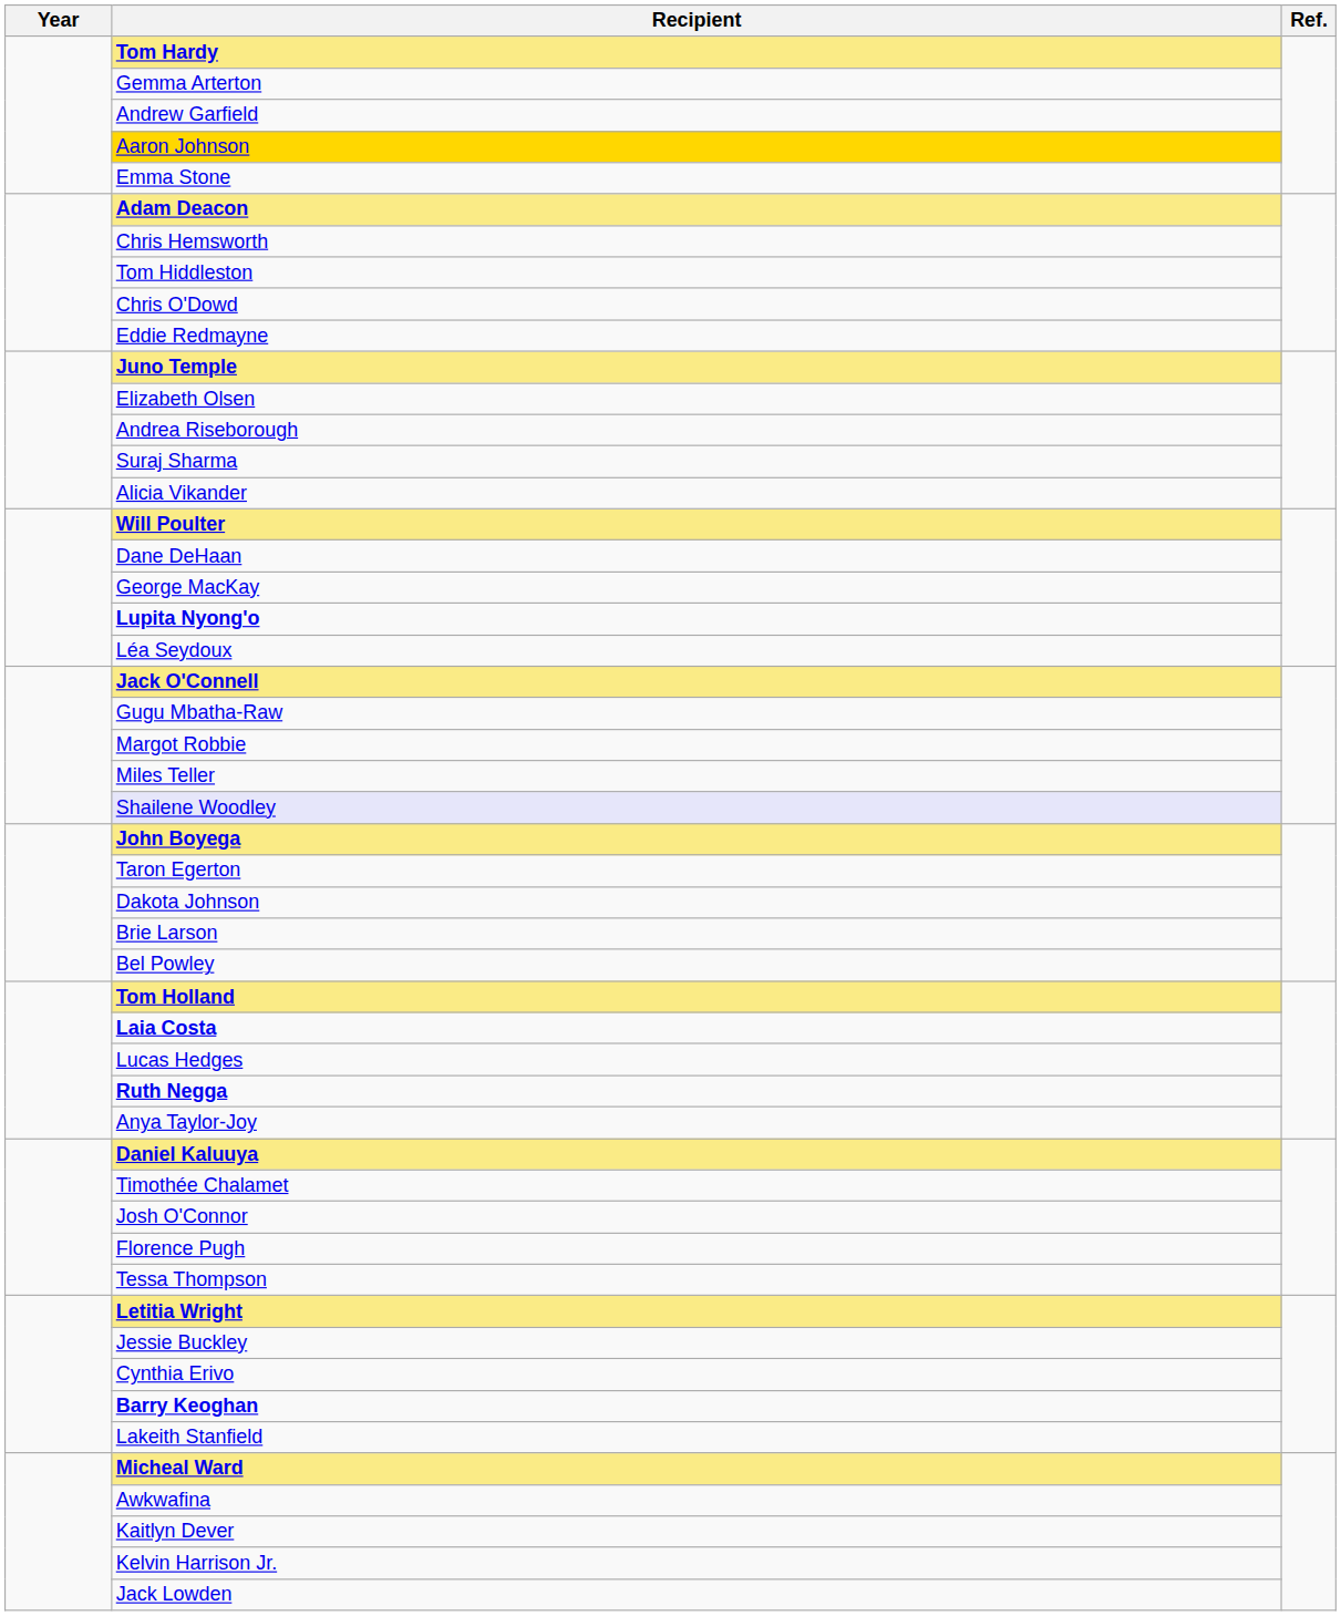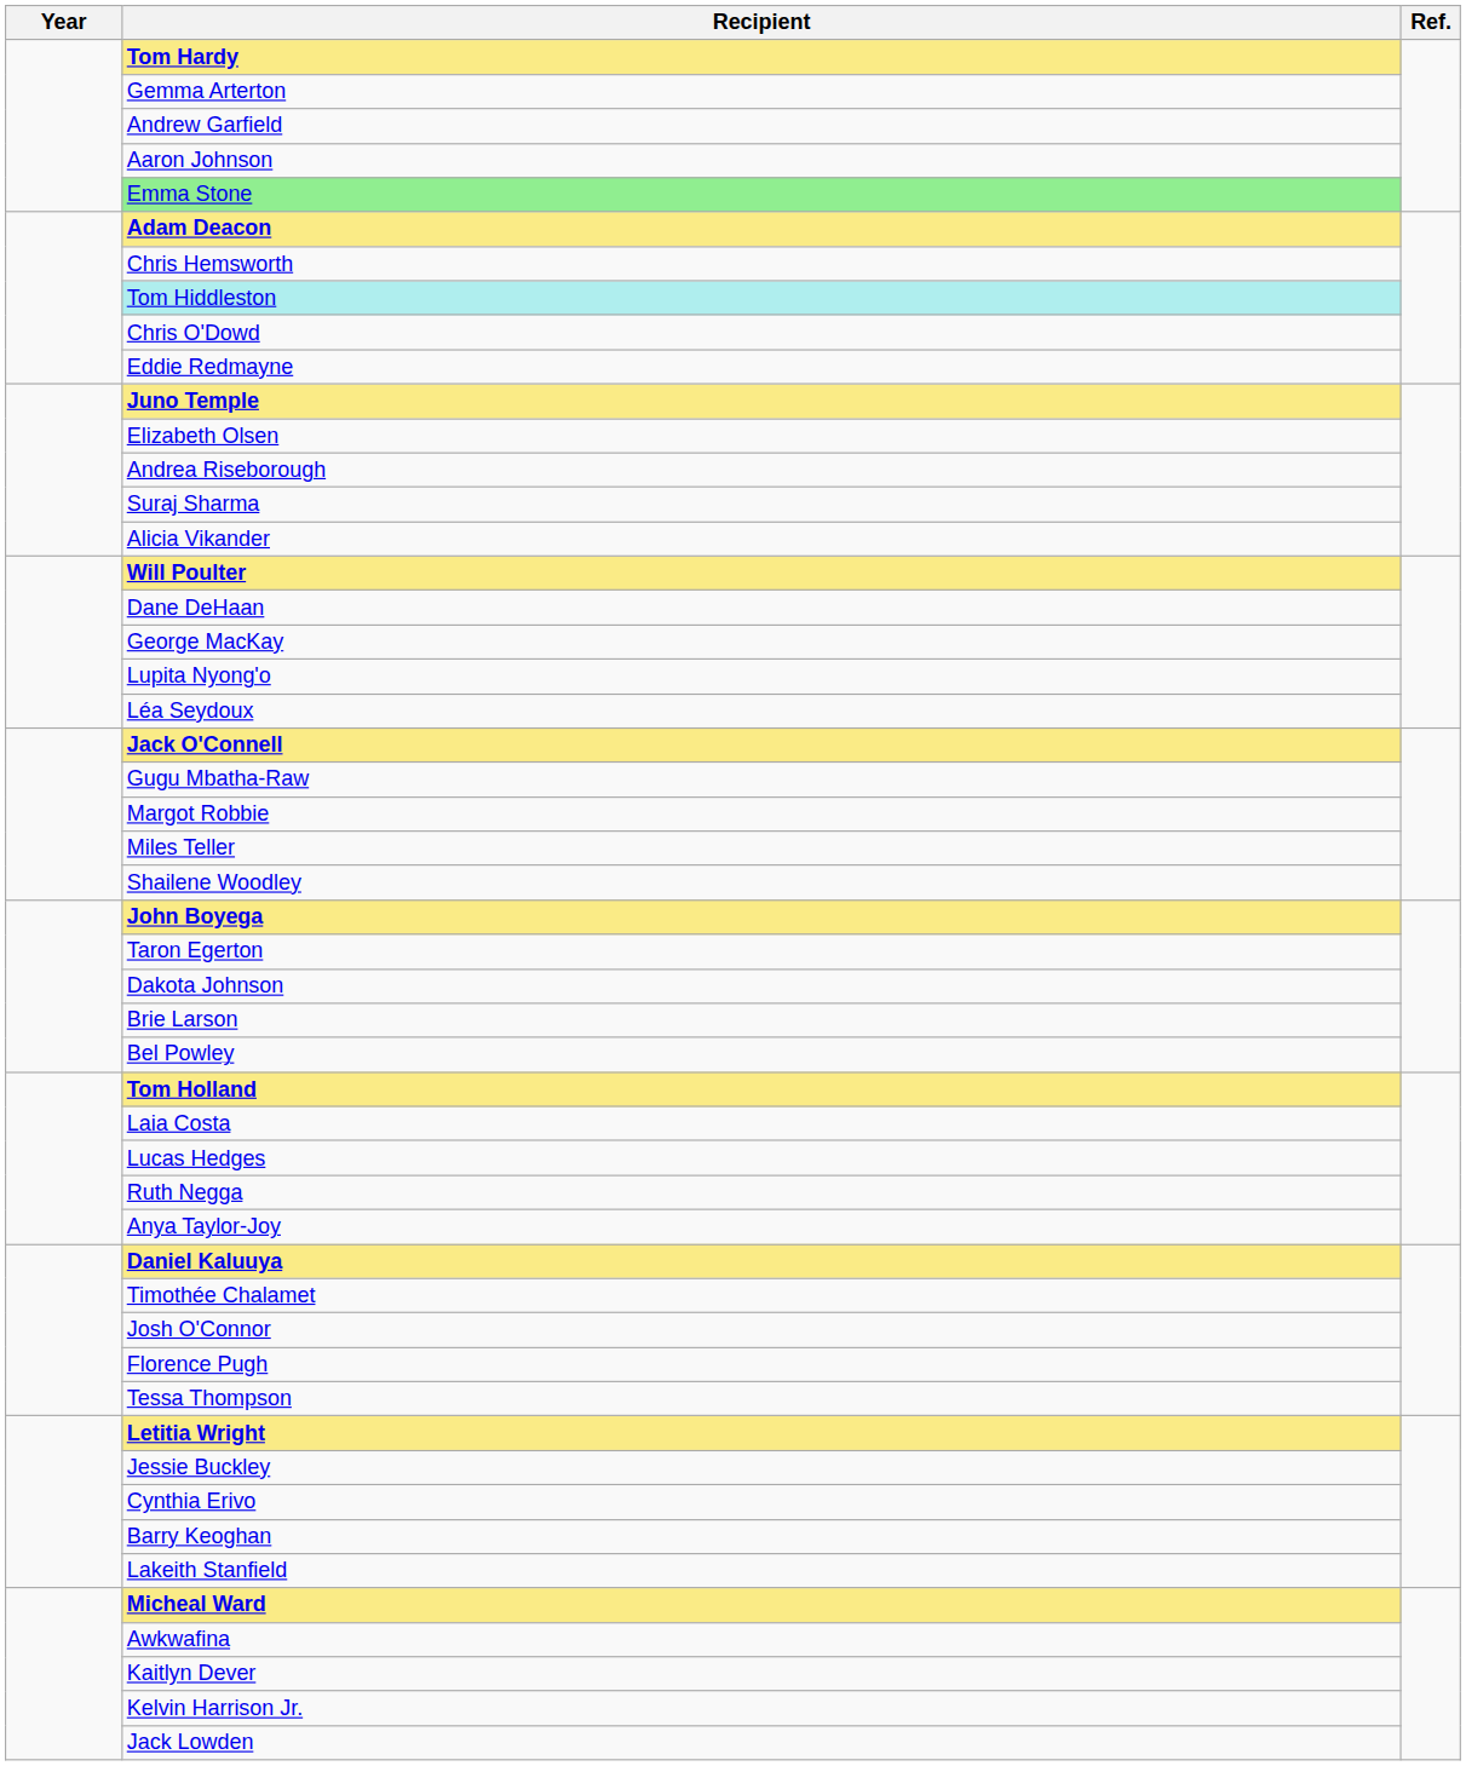 <table class="wikitable" style="width:85%;" cellpadding="5">
 <tr>
 <th style="width:5%;">Year</th>
 <th style="width:55%;">Recipient</th>
 <th style="width:1%">Ref.</th>
 </tr>
 <tr>
 <td rowspan="5"></td>
 <td style="background:#FAEB86"><strong><a href='#'>Tom Hardy</a></strong></td>
 <td rowspan=5, align=center></td>
 </tr>
 <tr>
 <td><a href='#'>Gemma Arterton</a></td>
 </tr>
 <tr>
 <td><a href='#'>Andrew Garfield</a></td>
 </tr>
 <tr>
-<td style="background: gold;"><a href='#'>Aaron Johnson</a></td>
+<td><a href='#'>Aaron Johnson</a></td>
 </tr>
 <tr>
-<td><a href='#'>Emma Stone</a></td>
+<td style="background: lightgreen;"><a href='#'>Emma Stone</a></td>
 </tr>
 <tr>
 <td rowspan="5"></td>
 <td style="background:#FAEB86"><strong><a href='#'>Adam Deacon</a></strong></td>
 <td rowspan=5, align=center></td>
 </tr>
 <tr>
 <td><a href='#'>Chris Hemsworth</a></td>
 </tr>
 <tr>
-<td><a href='#'>Tom Hiddleston</a></td>
+<td style="background: paleturquoise;"><a href='#'>Tom Hiddleston</a></td>
 </tr>
 <tr>
 <td><a href='#'>Chris O'Dowd</a></td>
 </tr>
 <tr>
 <td><a href='#'>Eddie Redmayne</a></td>
 </tr>
 <tr>
 <td rowspan="5"></td>
 <td style="background:#FAEB86"><strong><a href='#'>Juno Temple</a></strong></td>
 <td rowspan=5, align=center></td>
 </tr>
 <tr>
 <td><a href='#'>Elizabeth Olsen</a></td>
 </tr>
 <tr>
 <td><a href='#'>Andrea Riseborough</a></td>
 </tr>
 <tr>
 <td><a href='#'>Suraj Sharma</a></td>
 </tr>
 <tr>
 <td><a href='#'>Alicia Vikander</a></td>
 </tr>
 <tr>
 <td rowspan="5"></td>
 <td style="background:#FAEB86"><strong><a href='#'>Will Poulter</a></strong></td>
 <td rowspan=5, align=center></td>
 </tr>
 <tr>
 <td><a href='#'>Dane DeHaan</a></td>
 </tr>
 <tr>
 <td><a href='#'>George MacKay</a></td>
 </tr>
 <tr>
-<td><strong><a href='#'>Lupita Nyong'o</a></strong></td>
+<td><a href='#'>Lupita Nyong'o</a></td>
 </tr>
 <tr>
 <td><a href='#'>Léa Seydoux</a></td>
 </tr>
 <tr>
 <td rowspan="5"></td>
 <td style="background:#FAEB86"><strong><a href='#'>Jack O'Connell</a></strong></td>
 <td rowspan=5, align=center></td>
 </tr>
 <tr>
 <td><a href='#'>Gugu Mbatha-Raw</a></td>
 </tr>
 <tr>
 <td><a href='#'>Margot Robbie</a></td>
 </tr>
 <tr>
 <td><a href='#'>Miles Teller</a></td>
 </tr>
 <tr>
-<td style="background: lavender;"><a href='#'>Shailene Woodley</a></td>
+<td><a href='#'>Shailene Woodley</a></td>
 </tr>
 <tr>
 <td rowspan="5"></td>
 <td style="background:#FAEB86"><strong><a href='#'>John Boyega</a></strong></td>
 <td rowspan=5, align=center></td>
 </tr>
 <tr>
 <td><a href='#'>Taron Egerton</a></td>
 </tr>
 <tr>
 <td><a href='#'>Dakota Johnson</a></td>
 </tr>
 <tr>
 <td><a href='#'>Brie Larson</a></td>
 </tr>
 <tr>
 <td><a href='#'>Bel Powley</a></td>
 </tr>
 <tr>
 <td rowspan="5"></td>
 <td style="background:#FAEB86"><strong><a href='#'>Tom Holland</a></strong></td>
 <td rowspan=5, align=center></td>
 </tr>
 <tr>
-<td><strong><a href='#'>Laia Costa</a></strong></td>
+<td><a href='#'>Laia Costa</a></td>
 </tr>
 <tr>
 <td><a href='#'>Lucas Hedges</a></td>
 </tr>
 <tr>
-<td><strong><a href='#'>Ruth Negga</a></strong></td>
+<td><a href='#'>Ruth Negga</a></td>
 </tr>
 <tr>
 <td><a href='#'>Anya Taylor-Joy</a></td>
 </tr>
 <tr>
 <td rowspan="5"></td>
 <td style="background:#FAEB86"><strong><a href='#'>Daniel Kaluuya</a></strong></td>
 <td rowspan=5, align=center></td>
 </tr>
 <tr>
 <td><a href='#'>Timothée Chalamet</a></td>
 </tr>
 <tr>
 <td><a href='#'>Josh O'Connor</a></td>
 </tr>
 <tr>
 <td><a href='#'>Florence Pugh</a></td>
 </tr>
 <tr>
 <td><a href='#'>Tessa Thompson</a></td>
 </tr>
 <tr>
 <td rowspan="5"></td>
 <td style="background:#FAEB86"><strong><a href='#'>Letitia Wright</a></strong></td>
 <td rowspan=5, align=center></td>
 </tr>
 <tr>
 <td><a href='#'>Jessie Buckley</a></td>
 </tr>
 <tr>
 <td><a href='#'>Cynthia Erivo</a></td>
 </tr>
 <tr>
-<td><strong><a href='#'>Barry Keoghan</a></strong></td>
+<td><a href='#'>Barry Keoghan</a></td>
 </tr>
 <tr>
 <td><a href='#'>Lakeith Stanfield</a></td>
 </tr>
 <tr>
 <td rowspan="5"></td>
 <td style="background:#FAEB86"><strong><a href='#'>Micheal Ward</a></strong></td>
 <td rowspan=5, align=center></td>
 </tr>
 <tr>
 <td><a href='#'>Awkwafina</a></td>
 </tr>
 <tr>
 <td><a href='#'>Kaitlyn Dever</a></td>
 </tr>
 <tr>
 <td><a href='#'>Kelvin Harrison Jr.</a></td>
 </tr>
 <tr>
 <td><a href='#'>Jack Lowden</a></td>
 </tr>
 </table>
